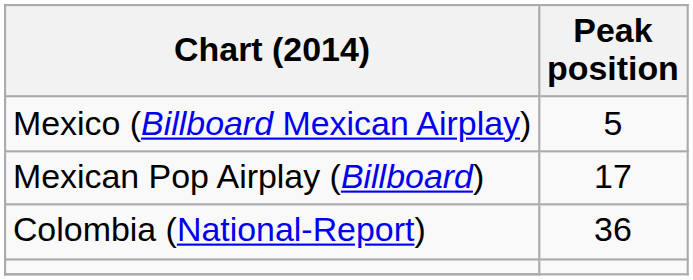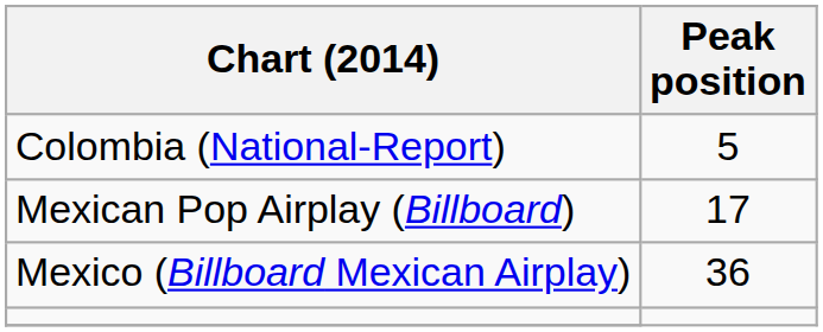 <table class="wikitable sortable">
 <tr>
 <th scope="col">Chart (2014)</th>
 <th scope="col">Peak<br>position</th>
 </tr>
 <tr>
-<td>Mexico (<a href='#'><em>Billboard</em> Mexican Airplay</a>)</td>
+<td>Colombia (<a href='#'>National-Report</a>)</td>
 <td align="center">5</td>
 </tr>
 <tr>
 <td>Mexican Pop Airplay (<a href='#'><em>Billboard</em></a>)</td>
 <td align="center">17</td>
 </tr>
 <tr>
-<td>Colombia (<a href='#'>National-Report</a>)</td>
+<td>Mexico (<a href='#'><em>Billboard</em> Mexican Airplay</a>)</td>
 <td align="center">36</td>
 </tr>
 <tr>
 <td></td>
 </tr>
 <tr>
 </tr>
 <tr>
 </tr>
 <tr>
 </tr>
 <tr>
 </tr>
 <tr>
 </tr>
 </table>
